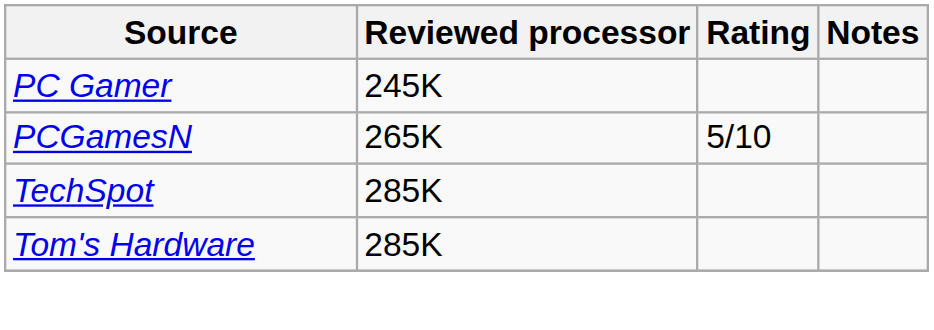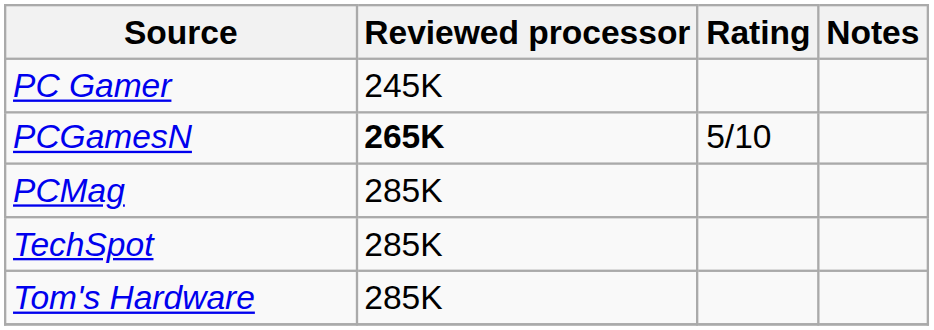 <table class="wikitable" style="text-align:left; font-size:90%;">
 <tr>
 <th style="width:10em;">Source</th>
 <th>Reviewed processor</th>
 <th>Rating</th>
 <th>Notes</th>
 </tr>
 <tr>
 <td scope="row"><em><a href='#'>PC Gamer</a></em></td>
 <td>245K</td>
 <td></td>
 <td></td>
 </tr>
 <tr>
 <td scope="row"><em><a href='#'>PCGamesN</a></em></td>
-<td>265K</td>
+<td><strong>265K</strong></td>
 <td>5/10</td>
+<td></td>
+</tr>
+<tr>
+<td scope="row"><em><a href='#'>PCMag</a></em></td>
+<td>285K</td>
+<td></td>
 <td></td>
 </tr>
 <tr>
 <td scope="row"><em><a href='#'>TechSpot</a></em></td>
 <td>285K</td>
 <td></td>
 <td></td>
 </tr>
 <tr>
 <td scope="row"><em><a href='#'>Tom's Hardware</a></em></td>
 <td>285K</td>
 <td></td>
 <td></td>
 </tr>
 <tr>
 </tr>
 </table>
